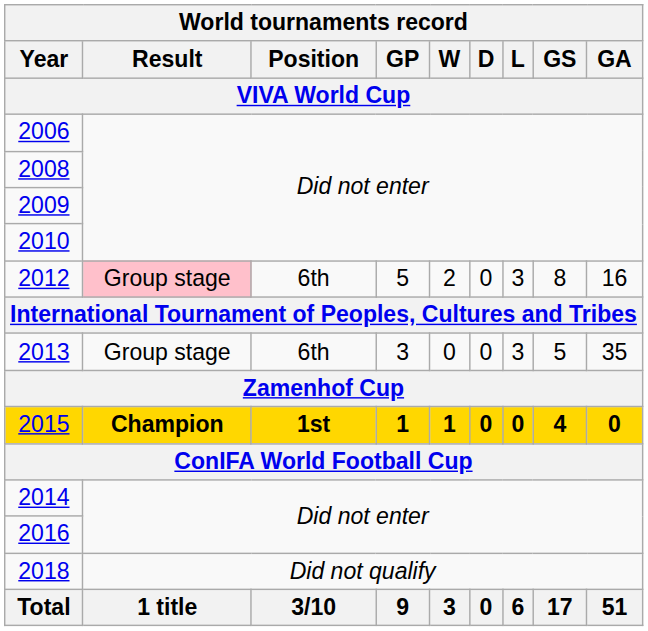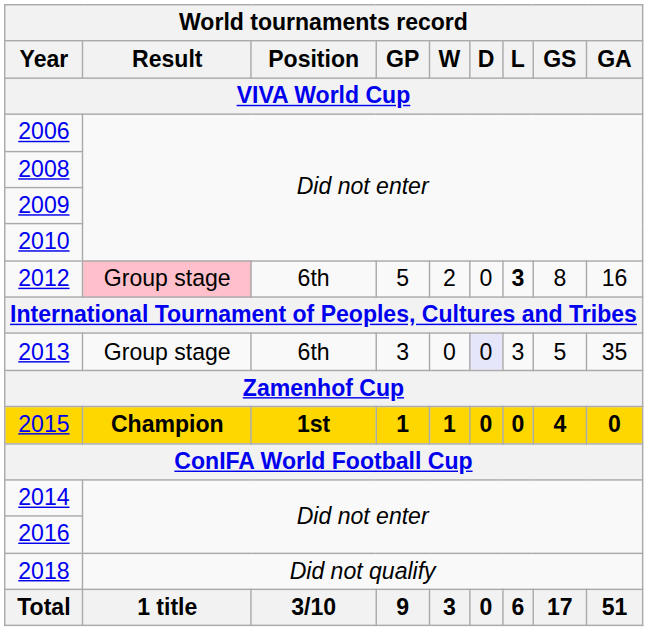 <table class="wikitable" style="text-align: center;">
 <tr>
 <th colspan=9>World tournaments record</th>
 </tr>
 <tr>
 <th>Year</th>
 <th>Result</th>
 <th>Position</th>
 <th>GP</th>
 <th>W</th>
 <th>D</th>
 <th>L</th>
 <th>GS</th>
 <th>GA</th>
 </tr>
 <tr>
 <th colspan=9><a href='#'>VIVA World Cup</a></th>
 </tr>
 <tr>
 <td> <a href='#'>2006</a></td>
 <td rowspan=4 colspan=8><em>Did not enter</em></td>
 </tr>
 <tr>
 <td> <a href='#'>2008</a></td>
 </tr>
 <tr>
 <td> <a href='#'>2009</a></td>
 </tr>
 <tr>
 <td> <a href='#'>2010</a></td>
 </tr>
 <tr>
 <td> <a href='#'>2012</a></td>
 <td style="background: pink;">Group stage</td>
 <td>6th</td>
 <td>5</td>
 <td>2</td>
 <td>0</td>
-<td>3</td>
+<td><strong>3</strong></td>
 <td>8</td>
 <td>16</td>
 </tr>
 <tr>
 <th colspan=9><a href='#'>International Tournament of Peoples, Cultures and Tribes</a></th>
 </tr>
 <tr>
 <td> <a href='#'>2013</a></td>
 <td>Group stage</td>
 <td>6th</td>
 <td>3</td>
 <td>0</td>
-<td>0</td>
+<td style="background: lavender;">0</td>
 <td>3</td>
 <td>5</td>
 <td>35</td>
 </tr>
 <tr>
 <th colspan=9><a href='#'>Zamenhof Cup</a></th>
 </tr>
 <tr style="background:gold;">
 <td> <a href='#'>2015</a></td>
 <td><strong>Champion</strong></td>
 <td><strong>1st</strong></td>
 <td><strong>1</strong></td>
 <td><strong>1</strong></td>
 <td><strong>0</strong></td>
 <td><strong>0</strong></td>
 <td><strong>4</strong></td>
 <td><strong>0</strong></td>
 </tr>
 <tr>
 <th colspan=9><a href='#'>ConIFA World Football Cup</a></th>
 </tr>
 <tr>
 <td> <a href='#'>2014</a></td>
 <td rowspan=2 colspan=8><em>Did not enter</em></td>
 </tr>
 <tr>
 <td> <a href='#'>2016</a></td>
 </tr>
 <tr>
 <td> <a href='#'>2018</a></td>
 <td colspan=8><em>Did not qualify</em></td>
 </tr>
 <tr>
 <th>Total</th>
 <th>1 title</th>
 <th>3/10</th>
 <th>9</th>
 <th>3</th>
 <th>0</th>
 <th>6</th>
 <th>17</th>
 <th>51</th>
 </tr>
 </table>
